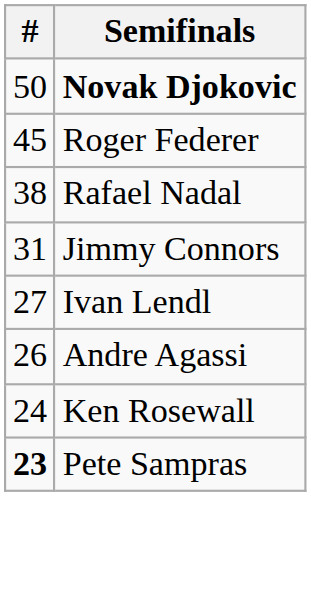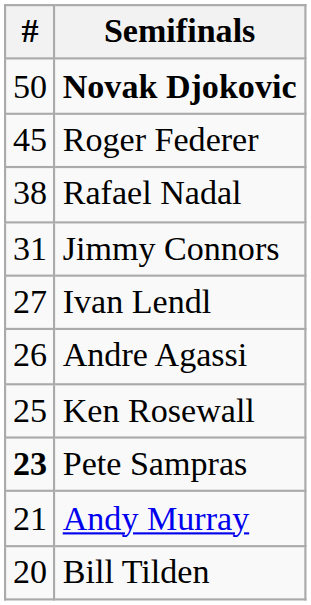 <table class=wikitable style="display:inline-table;">
 <tr>
 <th>#</th>
 <th>Semifinals</th>
 </tr>
 <tr>
 <td>50</td>
 <td> <strong>Novak Djokovic</strong></td>
 </tr>
 <tr>
 <td>45</td>
 <td> Roger Federer</td>
 </tr>
 <tr>
 <td>38</td>
 <td> Rafael Nadal</td>
 </tr>
 <tr>
 <td>31</td>
 <td> Jimmy Connors</td>
 </tr>
 <tr>
 <td>27</td>
 <td> Ivan Lendl</td>
 </tr>
 <tr>
 <td>26</td>
 <td> Andre Agassi</td>
 </tr>
 <tr>
-<td>24</td>
+<td>25</td>
 <td> Ken Rosewall</td>
 </tr>
 <tr>
 <td><strong>23</strong></td>
 <td> Pete Sampras</td>
 </tr>
+<tr>
+<td>21</td>
+<td> <a href='#'>Andy Murray</a></td>
+</tr>
+<tr>
+<td>20</td>
+<td> Bill Tilden</td>
+</tr>
 </table>
